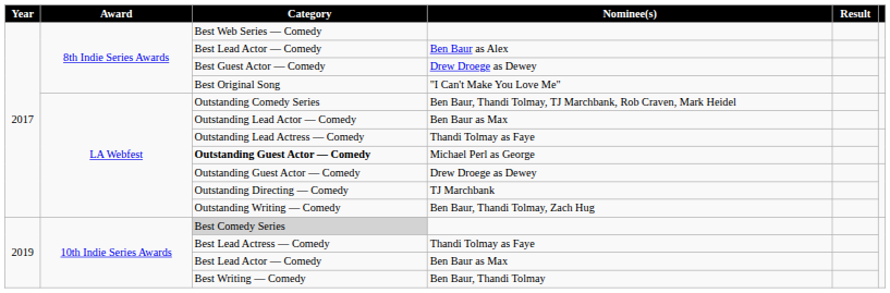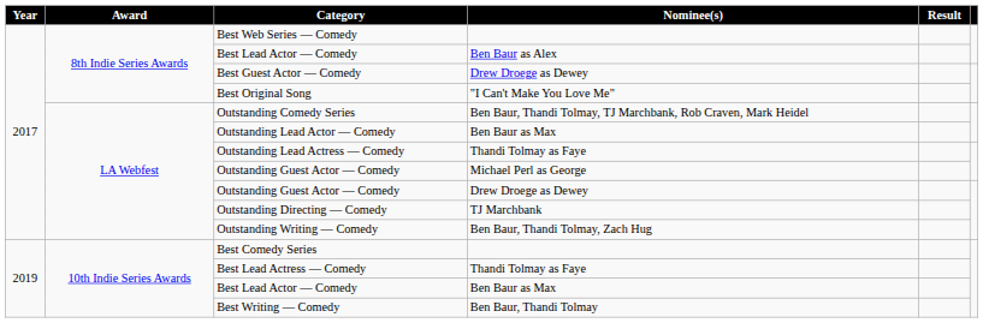 <table class=wikitable  style="width:100%">
 <tr>
 <th style="background:#000000; color:#ffffff;">Year</th>
 <th style="background:#000000; color:#ffffff;">Award</th>
 <th style="background:#000000; color:#ffffff;">Category</th>
 <th style="background:#000000; color:#ffffff;">Nominee(s)</th>
 <th style="background:#000000; color:#ffffff;">Result</th>
 <th style="background:#000000; color:#ffffff;"></th>
 </tr>
 <tr>
 <td rowspan="11" align="center">2017</td>
 <td rowspan="4" align="center"><a href='#'>8th Indie Series Awards</a></td>
 <td>Best Web Series — Comedy</td>
 <td></td>
 <td></td>
 <td rowspan=2 align=center></td>
 </tr>
 <tr>
 <td>Best Lead Actor — Comedy</td>
 <td><a href='#'>Ben Baur</a> as Alex</td>
 <td></td>
 </tr>
 <tr>
 <td>Best Guest Actor — Comedy</td>
 <td><a href='#'>Drew Droege</a> as Dewey</td>
 <td></td>
 <td rowspan=2 align=center></td>
 </tr>
 <tr>
 <td>Best Original Song</td>
 <td>"I Can't Make You Love Me"</td>
 <td></td>
 </tr>
 <tr>
 <td rowspan="7" align="center"><a href='#'>LA Webfest</a></td>
 <td>Outstanding Comedy Series</td>
 <td>Ben Baur, Thandi Tolmay, TJ Marchbank, Rob Craven, Mark Heidel</td>
 <td></td>
 <td rowspan="2" align=center></td>
 </tr>
 <tr>
 <td>Outstanding Lead Actor — Comedy</td>
 <td>Ben Baur as Max</td>
 <td></td>
 </tr>
 <tr>
 <td>Outstanding Lead Actress — Comedy</td>
 <td>Thandi Tolmay as Faye</td>
 <td></td>
 <td rowspan="2" align=center></td>
 </tr>
 <tr>
-<td><strong>Outstanding Guest Actor — Comedy</strong></td>
+<td>Outstanding Guest Actor — Comedy</td>
 <td>Michael Perl as George</td>
 <td></td>
 </tr>
 <tr>
 <td>Outstanding Guest Actor — Comedy</td>
 <td>Drew Droege as Dewey</td>
 <td></td>
 <td rowspan="3" align=center></td>
 </tr>
 <tr>
 <td>Outstanding Directing — Comedy</td>
 <td>TJ Marchbank</td>
 <td></td>
 </tr>
 <tr>
 <td>Outstanding Writing — Comedy</td>
 <td>Ben Baur, Thandi Tolmay, Zach Hug</td>
 <td></td>
 </tr>
 <tr>
 <td rowspan="4" align="center">2019</td>
 <td rowspan="4" align="center"><a href='#'>10th Indie Series Awards</a></td>
-<td style="background: lightgrey;">Best Comedy Series</td>
+<td>Best Comedy Series</td>
 <td></td>
 <td></td>
 <td rowspan="4" align=center></td>
 </tr>
 <tr>
 <td>Best Lead Actress — Comedy</td>
 <td>Thandi Tolmay as Faye</td>
 <td></td>
 </tr>
 <tr>
 <td>Best Lead Actor — Comedy</td>
 <td>Ben Baur as Max</td>
 <td></td>
 </tr>
 <tr>
 <td>Best Writing — Comedy</td>
 <td>Ben Baur, Thandi Tolmay</td>
 <td></td>
 </tr>
 </table>
